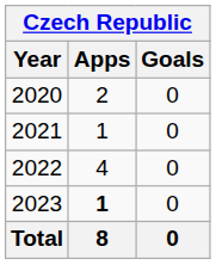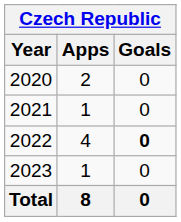 <table class="wikitable" style="text-align:center">
 <tr>
 <th colspan=3><a href='#'>Czech Republic</a></th>
 </tr>
 <tr>
 <th>Year</th>
 <th>Apps</th>
 <th>Goals</th>
 </tr>
 <tr>
 <td>2020</td>
 <td>2</td>
 <td>0</td>
 </tr>
 <tr>
 <td>2021</td>
 <td>1</td>
 <td>0</td>
 </tr>
 <tr>
 <td>2022</td>
 <td>4</td>
-<td>0</td>
+<td><strong>0</strong></td>
 </tr>
 <tr>
 <td>2023</td>
-<td><strong>1</strong></td>
+<td>1</td>
 <td>0</td>
 </tr>
 <tr>
 <th>Total</th>
 <th>8</th>
 <th>0</th>
 </tr>
 </table>
